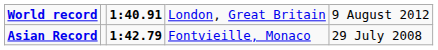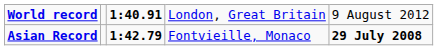 <table class="wikitable">
 <tr>
 <td><strong><a href='#'>World record</a></strong></td>
 <td></td>
 <td><strong>1:40.91</strong></td>
 <td><a href='#'>London</a>, <a href='#'>Great Britain</a></td>
 <td>9 August 2012</td>
 </tr>
 <tr>
 <td><strong><a href='#'>Asian Record</a></strong></td>
 <td></td>
 <td><strong>1:42.79</strong></td>
 <td><a href='#'>Fontvieille, Monaco</a></td>
-<td>29 July 2008</td>
+<td><strong>29 July 2008</strong></td>
 </tr>
 </table>
